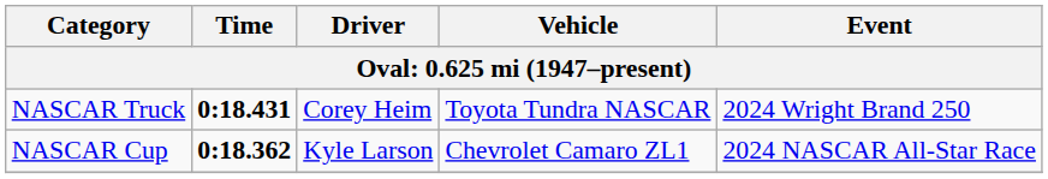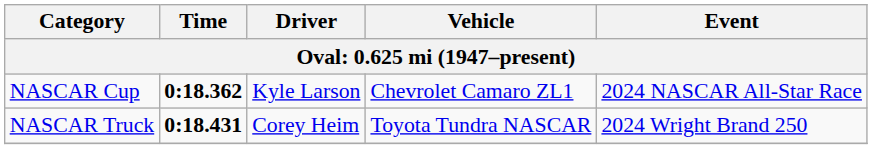 <table class="wikitable">
 <tr>
 <th>Category</th>
 <th>Time</th>
 <th>Driver</th>
 <th>Vehicle</th>
 <th>Event</th>
 </tr>
 <tr>
 <th colspan=5>Oval: 0.625 mi (1947–present)</th>
 </tr>
 <tr>
+<td><a href='#'>NASCAR Cup</a></td>
+<td><strong>0:18.362</strong></td>
+<td><a href='#'>Kyle Larson</a></td>
+<td><a href='#'>Chevrolet Camaro ZL1</a></td>
+<td><a href='#'>2024 NASCAR All-Star Race</a></td>
+</tr>
+<tr>
 <td><a href='#'>NASCAR Truck</a></td>
 <td><strong>0:18.431</strong></td>
 <td><a href='#'>Corey Heim</a></td>
 <td><a href='#'>Toyota Tundra NASCAR</a></td>
 <td><a href='#'>2024 Wright Brand 250</a></td>
 </tr>
 <tr>
-<td><a href='#'>NASCAR Cup</a></td>
-<td><strong>0:18.362</strong></td>
-<td><a href='#'>Kyle Larson</a></td>
-<td><a href='#'>Chevrolet Camaro ZL1</a></td>
-<td><a href='#'>2024 NASCAR All-Star Race</a></td>
-</tr>
-<tr>
 </tr>
 </table>
